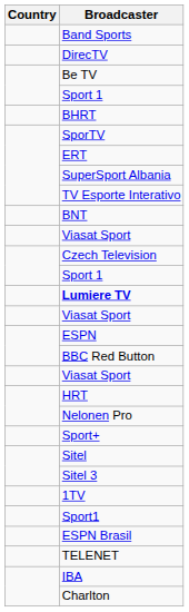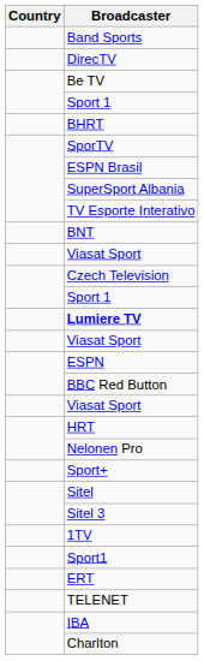 <table class="wikitable">
 <tr>
 <th align=center>Country</th>
 <th align=center>Broadcaster</th>
 </tr>
 <tr>
 <td align=left></td>
 <td><a href='#'>Band Sports</a></td>
 </tr>
 <tr>
 <td align=left></td>
 <td><a href='#'>DirecTV</a></td>
 </tr>
 <tr>
 <td style="text-align:left;" rowspan="2"></td>
 <td>Be TV</td>
 </tr>
 <tr>
 <td><a href='#'>Sport 1</a></td>
 </tr>
 <tr>
 <td align=left></td>
 <td><a href='#'>BHRT</a></td>
 </tr>
 <tr>
 <td style="text-align:left;" rowspan="4"></td>
 <td><a href='#'>SporTV</a></td>
 </tr>
 <tr>
-<td><a href='#'>ERT</a></td>
+<td><a href='#'>ESPN Brasil</a></td>
 </tr>
 <tr>
 <td><a href='#'>SuperSport Albania</a></td>
 </tr>
 <tr>
 <td><a href='#'>TV Esporte Interativo</a></td>
 </tr>
 <tr>
 <td align=left></td>
 <td><a href='#'>BNT</a></td>
 </tr>
 <tr>
 <td align=left></td>
 <td><a href='#'>Viasat Sport</a></td>
 </tr>
 <tr>
 <td style="text-align:left;" rowspan="2"></td>
 <td><a href='#'>Czech Television</a></td>
 </tr>
 <tr>
 <td><a href='#'>Sport 1</a></td>
 </tr>
 <tr>
 <td align=left></td>
 <td><strong><a href='#'>Lumiere TV</a></strong></td>
 </tr>
 <tr>
 <td align=left></td>
 <td><a href='#'>Viasat Sport</a></td>
 </tr>
 <tr>
 <td style="text-align:left;" rowspan="2"></td>
 <td><a href='#'>ESPN</a></td>
 </tr>
 <tr>
 <td><a href='#'>BBC</a> Red Button</td>
 </tr>
 <tr>
 <td align=left></td>
 <td><a href='#'>Viasat Sport</a></td>
 </tr>
 <tr>
 <td style="text-align:left;" rowspan="2"></td>
 <td><a href='#'>HRT</a></td>
 </tr>
 <tr>
 <td><a href='#'>Nelonen</a> Pro</td>
 </tr>
 <tr>
 <td align=left></td>
 <td><a href='#'>Sport+</a></td>
 </tr>
 <tr>
 <td style="text-align:left;" rowspan="2"></td>
 <td><a href='#'>Sitel</a></td>
 </tr>
 <tr>
 <td><a href='#'>Sitel 3</a></td>
 </tr>
 <tr>
 <td align=left></td>
 <td><a href='#'>1TV</a></td>
 </tr>
 <tr>
 <td align=left></td>
 <td><a href='#'>Sport1</a></td>
 </tr>
 <tr>
 <td align=left></td>
-<td><a href='#'>ESPN Brasil</a></td>
+<td><a href='#'>ERT</a></td>
 </tr>
 <tr>
 <td align=left></td>
 <td>TELENET</td>
 </tr>
 <tr>
 <td style="text-align:left;" rowspan="2"></td>
 <td><a href='#'>IBA</a></td>
 </tr>
 <tr>
 <td>Charlton</td>
 </tr>
 </table>
